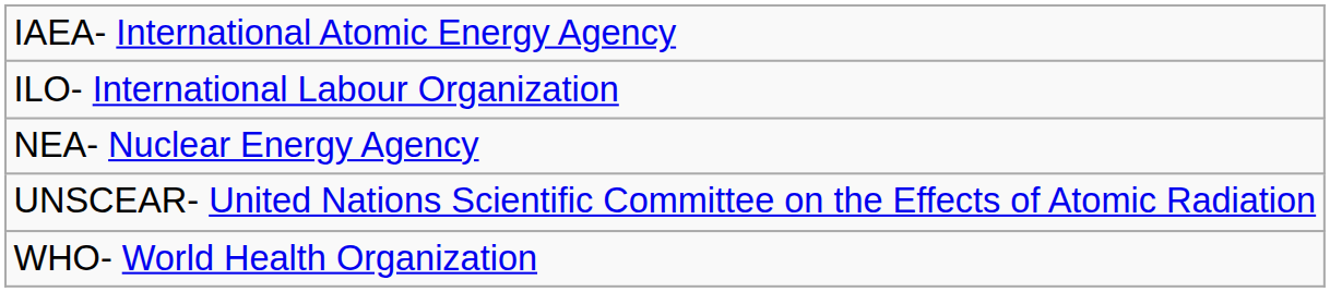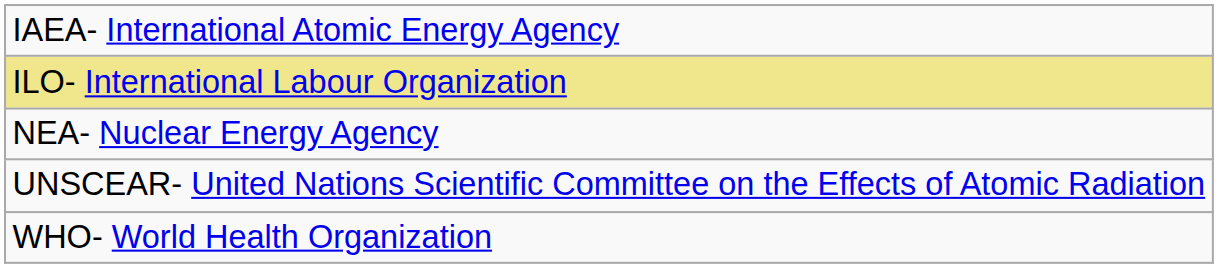 <table class="wikitable">
 <tr>
 <td>IAEA- <a href='#'>International Atomic Energy Agency</a></td>
 </tr>
 <tr>
-<td>ILO- <a href='#'>International Labour Organization</a></td>
+<td style="background: khaki;">ILO- <a href='#'>International Labour Organization</a></td>
 </tr>
 <tr>
 <td>NEA- <a href='#'>Nuclear Energy Agency</a></td>
 </tr>
 <tr>
 <td>UNSCEAR- <a href='#'>United Nations Scientific Committee on the Effects of Atomic Radiation</a></td>
 </tr>
 <tr>
 <td>WHO- <a href='#'>World Health Organization</a></td>
 </tr>
 </table>
